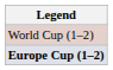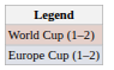 <table class="wikitable">
 <tr>
 <th>Legend</th>
 </tr>
 <tr style="background:#e5d1cb;">
 <td>World Cup (1–2)</td>
 </tr>
 <tr style="background:#dfe2e9;">
-<td><strong>Europe Cup (1–2)</strong></td>
+<td>Europe Cup (1–2)</td>
 </tr>
 </table>
